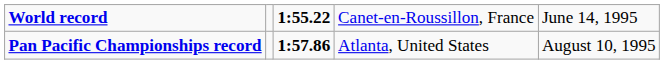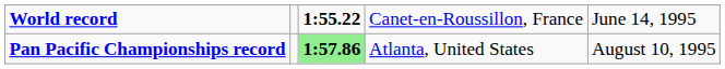 <table class="wikitable">
 <tr>
 <td><strong><a href='#'>World record</a></strong></td>
 <td></td>
 <td><strong>1:55.22</strong></td>
 <td><a href='#'>Canet-en-Roussillon</a>, France</td>
 <td>June 14, 1995</td>
 </tr>
 <tr>
 <td><strong><a href='#'>Pan Pacific Championships record</a></strong></td>
 <td></td>
-<td><strong>1:57.86</strong></td>
+<td style="background: lightgreen;"><strong>1:57.86</strong></td>
 <td><a href='#'>Atlanta</a>, United States</td>
 <td>August 10, 1995</td>
 </tr>
 </table>
